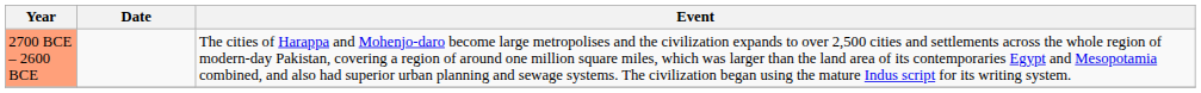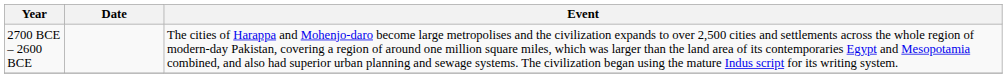 <table class="wikitable" style="width:100%">
 <tr>
 <th style="width:6%">Year</th>
 <th style="width:10%">Date</th>
 <th>Event</th>
 </tr>
 <tr>
-<td style="background: lightsalmon;">2700 BCE – 2600 BCE</td>
+<td>2700 BCE – 2600 BCE</td>
 <td></td>
 <td>The cities of <a href='#'>Harappa</a> and <a href='#'>Mohenjo-daro</a> become large metropolises and the civilization expands to over 2,500 cities and settlements across the whole region of modern-day Pakistan, covering a region of around one million square miles, which was larger than the land area of its contemporaries <a href='#'>Egypt</a> and <a href='#'>Mesopotamia</a> combined, and also had superior urban planning and sewage systems. The civilization began using the mature <a href='#'>Indus script</a> for its writing system.</td>
 </tr>
 <tr>
 </tr>
 </table>
